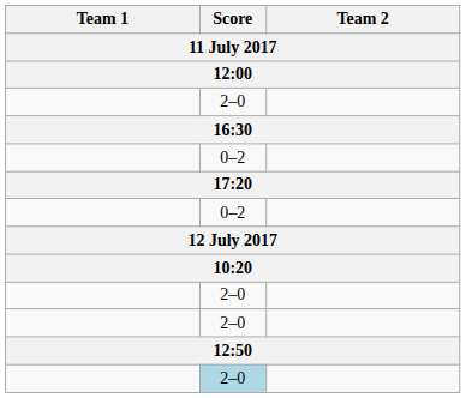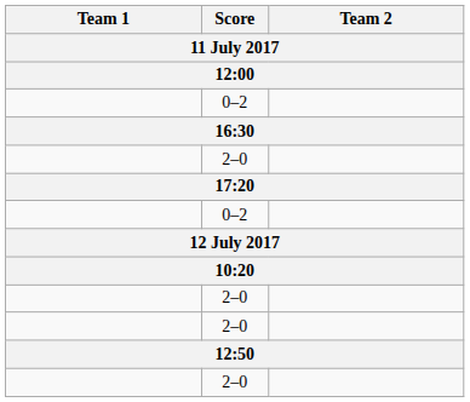 <table class="wikitable" style="text-align: center; font-size:90% ">
 <tr>
 <th align="right" width="160">Team 1</th>
 <th width="50">Score</th>
 <th align="left" width="160">Team 2</th>
 </tr>
 <tr>
 <th colspan=3>11 July 2017</th>
 </tr>
 <tr>
 <th colspan=3>12:00</th>
 </tr>
 <tr>
 <td align=right></td>
-<td align=center>2–0</td>
+<td align=center>0–2</td>
 <td align=left></td>
 </tr>
 <tr>
 <th colspan=3>16:30</th>
 </tr>
 <tr>
 <td align=right></td>
-<td align=center>0–2</td>
+<td align=center>2–0</td>
 <td align=left></td>
 </tr>
 <tr>
 <th colspan=3>17:20</th>
 </tr>
 <tr>
 <td align=right></td>
 <td align=center>0–2</td>
 <td align=left></td>
 </tr>
 <tr>
 <th colspan=3>12 July 2017</th>
 </tr>
 <tr>
 <th colspan=3>10:20</th>
 </tr>
 <tr>
 <td align=right></td>
 <td align=center>2–0</td>
 <td align=left></td>
 </tr>
 <tr>
 <td align=right></td>
 <td align=center>2–0</td>
 <td align=left></td>
 </tr>
 <tr>
 <th colspan=3>12:50</th>
 </tr>
 <tr>
 <td align=right></td>
-<td align=center style="background: lightblue;">2–0</td>
+<td align=center>2–0</td>
 <td align=left></td>
 </tr>
 </table>
